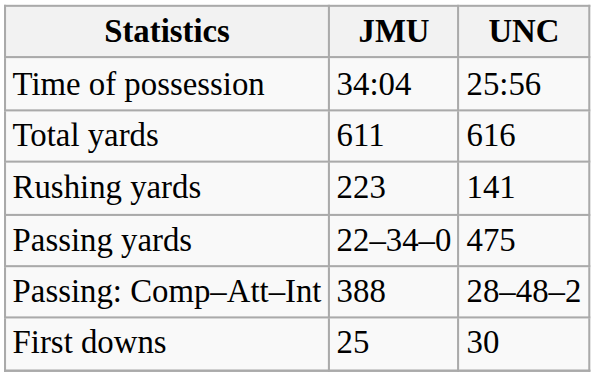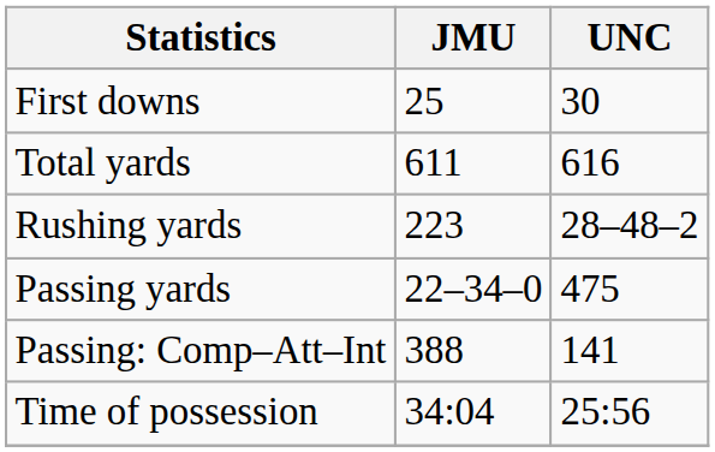 <table class="wikitable" style="float: left;">
 <tr>
 <th>Statistics</th>
 <th>JMU</th>
 <th>UNC</th>
 </tr>
 <tr>
-<td>Time of possession</td>
-<td>34:04</td>
-<td>25:56</td>
+<td>First downs</td>
+<td>25</td>
+<td>30</td>
 </tr>
 <tr>
 <td>Total yards</td>
 <td>611</td>
 <td>616</td>
 </tr>
 <tr>
 <td>Rushing yards</td>
 <td>223</td>
-<td>141</td>
+<td>28–48–2</td>
 </tr>
 <tr>
 <td>Passing yards</td>
 <td>22–34–0</td>
 <td>475</td>
 </tr>
 <tr>
 <td>Passing: Comp–Att–Int</td>
 <td>388</td>
-<td>28–48–2</td>
+<td>141</td>
 </tr>
 <tr>
-<td>First downs</td>
-<td>25</td>
-<td>30</td>
+<td>Time of possession</td>
+<td>34:04</td>
+<td>25:56</td>
 </tr>
 <tr>
 </tr>
 </table>
